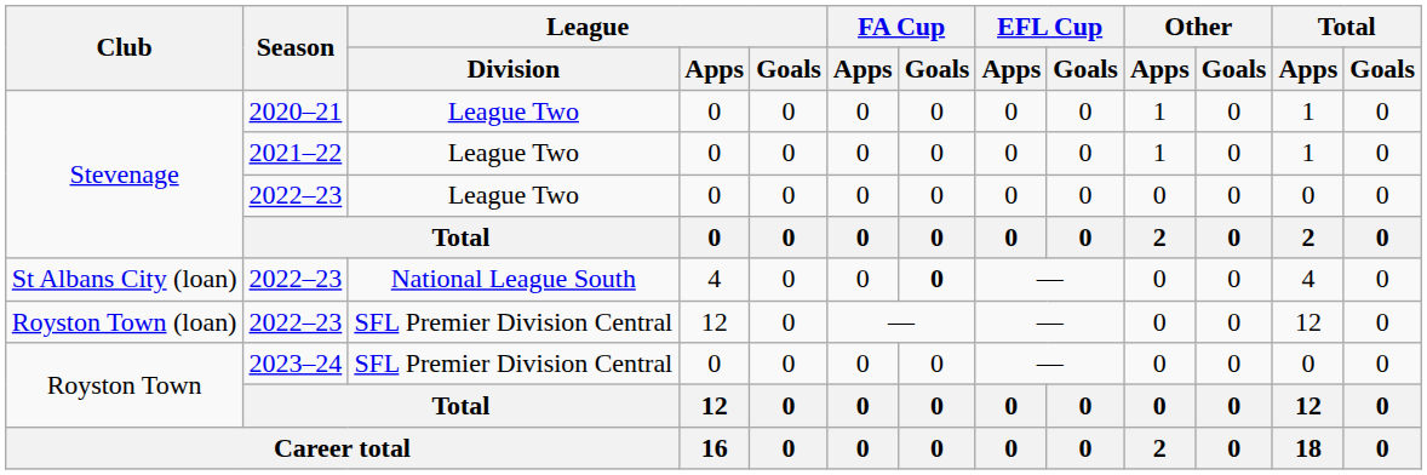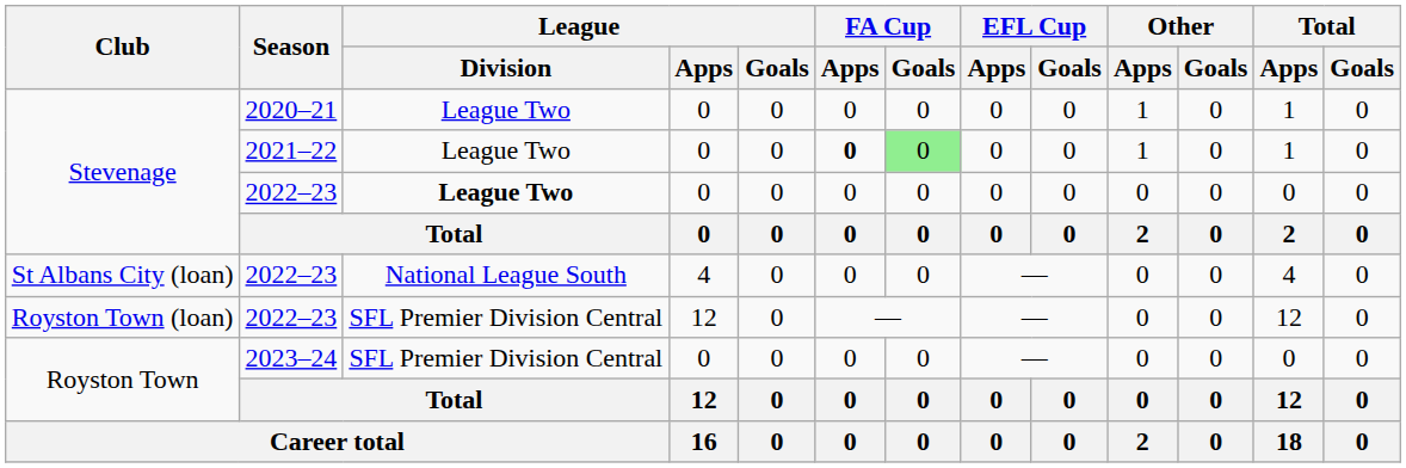 <table class="wikitable" style="text-align:center">
 <tr>
 <th rowspan="2">Club</th>
 <th rowspan="2">Season</th>
 <th colspan="3">League</th>
 <th colspan="2"><a href='#'>FA Cup</a></th>
 <th colspan="2"><a href='#'>EFL Cup</a></th>
 <th colspan="2">Other</th>
 <th colspan="2">Total</th>
 </tr>
 <tr>
 <th>Division</th>
 <th>Apps</th>
 <th>Goals</th>
 <th>Apps</th>
 <th>Goals</th>
 <th>Apps</th>
 <th>Goals</th>
 <th>Apps</th>
 <th>Goals</th>
 <th>Apps</th>
 <th>Goals</th>
 </tr>
 <tr>
 <td rowspan="4"><a href='#'>Stevenage</a></td>
 <td><a href='#'>2020–21</a></td>
 <td><a href='#'>League Two</a></td>
 <td>0</td>
 <td>0</td>
 <td>0</td>
 <td>0</td>
 <td>0</td>
 <td>0</td>
 <td>1</td>
 <td>0</td>
 <td>1</td>
 <td>0</td>
 </tr>
 <tr>
 <td><a href='#'>2021–22</a></td>
 <td>League Two</td>
 <td>0</td>
 <td>0</td>
-<td>0</td>
-<td>0</td>
+<td><strong>0</strong></td>
+<td style="background: lightgreen;">0</td>
 <td>0</td>
 <td>0</td>
 <td>1</td>
 <td>0</td>
 <td>1</td>
 <td>0</td>
 </tr>
 <tr>
 <td><a href='#'>2022–23</a></td>
-<td>League Two</td>
+<td><strong>League Two</strong></td>
 <td>0</td>
 <td>0</td>
 <td>0</td>
 <td>0</td>
 <td>0</td>
 <td>0</td>
 <td>0</td>
 <td>0</td>
 <td>0</td>
 <td>0</td>
 </tr>
 <tr>
 <th colspan="2">Total</th>
 <th>0</th>
 <th>0</th>
 <th>0</th>
 <th>0</th>
 <th>0</th>
 <th>0</th>
 <th>2</th>
 <th>0</th>
 <th>2</th>
 <th>0</th>
 </tr>
 <tr>
 <td rowspan="1"><a href='#'>St Albans City</a> (loan)</td>
 <td><a href='#'>2022–23</a></td>
 <td><a href='#'>National League South</a></td>
 <td>4</td>
 <td>0</td>
 <td>0</td>
-<td><strong>0</strong></td>
+<td>0</td>
 <td colspan="2">—</td>
 <td>0</td>
 <td>0</td>
 <td>4</td>
 <td>0</td>
 </tr>
 <tr>
 <td rowspan="1"><a href='#'>Royston Town</a> (loan)</td>
 <td><a href='#'>2022–23</a></td>
 <td><a href='#'>SFL</a> Premier Division Central</td>
 <td>12</td>
 <td>0</td>
 <td colspan="2">—</td>
 <td colspan="2">—</td>
 <td>0</td>
 <td>0</td>
 <td>12</td>
 <td>0</td>
 </tr>
 <tr>
 <td rowspan="2">Royston Town</td>
 <td><a href='#'>2023–24</a></td>
 <td><a href='#'>SFL</a> Premier Division Central</td>
 <td>0</td>
 <td>0</td>
 <td>0</td>
 <td>0</td>
 <td colspan="2">—</td>
 <td>0</td>
 <td>0</td>
 <td>0</td>
 <td>0</td>
 </tr>
 <tr>
 <th colspan="2">Total</th>
 <th>12</th>
 <th>0</th>
 <th>0</th>
 <th>0</th>
 <th>0</th>
 <th>0</th>
 <th>0</th>
 <th>0</th>
 <th>12</th>
 <th>0</th>
 </tr>
 <tr>
 <th colspan=3>Career total</th>
 <th>16</th>
 <th>0</th>
 <th>0</th>
 <th>0</th>
 <th>0</th>
 <th>0</th>
 <th>2</th>
 <th>0</th>
 <th>18</th>
 <th>0</th>
 </tr>
 </table>
